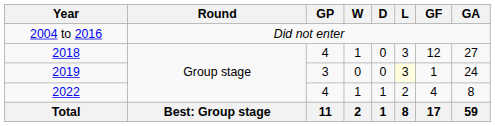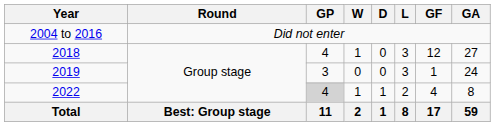 <table class="wikitable" style="text-align: center;width:50%;">
 <tr>
 <th>Year</th>
 <th>Round</th>
 <th>GP</th>
 <th>W</th>
 <th>D</th>
 <th>L</th>
 <th>GF</th>
 <th>GA</th>
 </tr>
 <tr>
 <td> <a href='#'>2004</a> to  <a href='#'>2016</a></td>
 <td colspan=8><em>Did not enter</em></td>
 </tr>
 <tr>
 <td> <a href='#'>2018</a></td>
 <td rowspan=3>Group stage</td>
 <td>4</td>
 <td>1</td>
 <td>0</td>
 <td>3</td>
 <td>12</td>
 <td>27</td>
 </tr>
 <tr>
 <td> <a href='#'>2019</a></td>
 <td>3</td>
 <td>0</td>
 <td>0</td>
-<td style="background: lightyellow;">3</td>
+<td>3</td>
 <td>1</td>
 <td>24</td>
 </tr>
 <tr>
 <td> <a href='#'>2022</a></td>
-<td>4</td>
+<td style="background: lightgrey;">4</td>
 <td>1</td>
 <td>1</td>
 <td>2</td>
 <td>4</td>
 <td>8</td>
 </tr>
 <tr>
 <th><strong>Total</strong></th>
 <th><strong>Best: Group stage</strong></th>
 <th>11</th>
 <th>2</th>
 <th>1</th>
 <th>8</th>
 <th>17</th>
 <th>59</th>
 </tr>
 </table>
